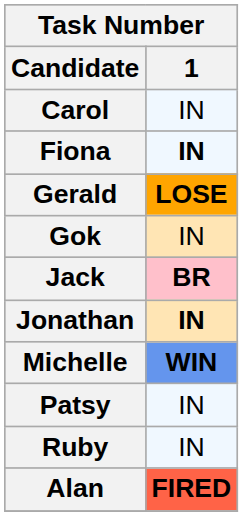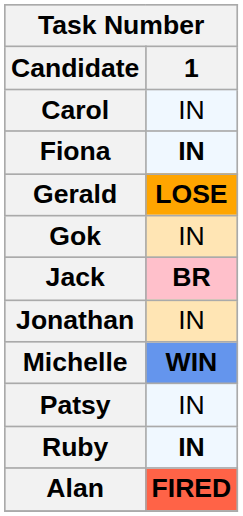 <table class="wikitable" style="text-align:center">
 <tr>
 <th colspan="14">Task Number</th>
 </tr>
 <tr>
 <th>Candidate</th>
 <th>1</th>
 </tr>
 <tr>
 <th>Carol</th>
 <td bgcolor="#F0F8FF">IN</td>
 </tr>
 <tr>
 <th>Fiona</th>
 <td bgcolor="#F0F8FF"><strong>IN</strong></td>
 </tr>
 <tr>
 <th>Gerald</th>
 <td bgcolor="orange"><strong>LOSE</strong></td>
 </tr>
 <tr>
 <th>Gok</th>
 <td bgcolor="#FFE5B4">IN</td>
 </tr>
 <tr>
 <th>Jack</th>
 <td bgcolor="pink"><strong>BR</strong></td>
 </tr>
 <tr>
 <th>Jonathan</th>
-<td bgcolor="#FFE5B4"><strong>IN</strong></td>
+<td bgcolor="#FFE5B4">IN</td>
 </tr>
 <tr>
 <th>Michelle</th>
 <td bgcolor="cornflowerblue"><strong>WIN</strong></td>
 </tr>
 <tr>
 <th>Patsy</th>
 <td bgcolor="#F0F8FF">IN</td>
 </tr>
 <tr>
 <th>Ruby</th>
-<td bgcolor="#F0F8FF">IN</td>
+<td bgcolor="#F0F8FF"><strong>IN</strong></td>
 </tr>
 <tr>
 <th>Alan</th>
 <td bgcolor="tomato"><strong>FIRED</strong></td>
 </tr>
 <tr>
 </tr>
 </table>
